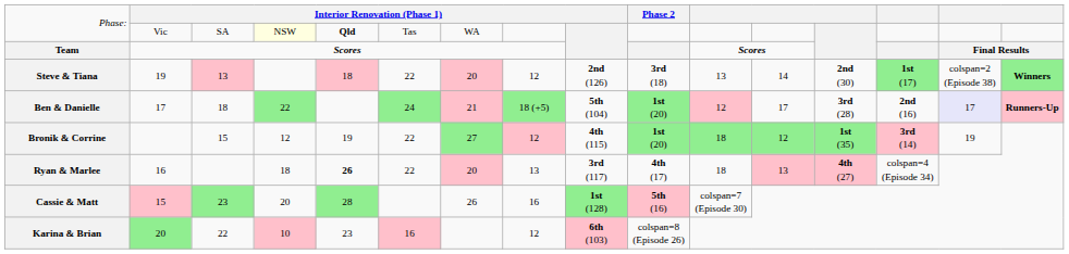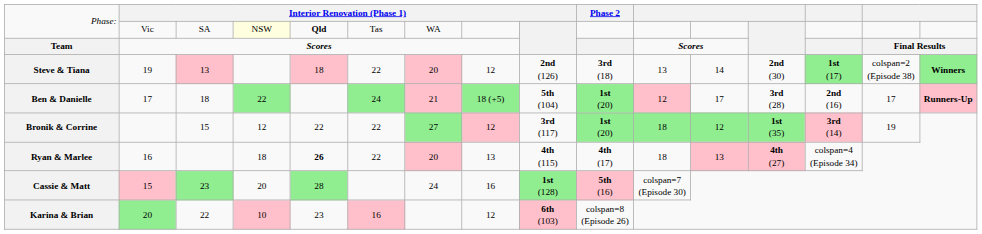 <table class="wikitable" style="text-align: center; font-size: 9pt; line-height:16px; width:100%">
 <tr>
 <td style="width:10%; text-align:right;" rowspan="2"><em>Phase:</em></td>
 <th colspan="8"><a href='#'>Interior Renovation (Phase 1)</a></th>
 <th colspan="1"><a href='#'>Phase 2</a></th>
 <th colspan="3"></th>
 <th colspan="1"></th>
 <th colspan="2"></th>
 </tr>
 <tr>
 <td style="width:5%;">Vic</td>
 <td style="width:5%;">SA</td>
 <td style="background: lightyellow; width:5%;">NSW</td>
 <td style="width:5%;"><strong>Qld</strong></td>
 <td style="width:5%;">Tas</td>
 <td style="width:5%;">WA</td>
 <td style="width:5%;"></td>
 <th rowspan="2" style="width:5%;"></th>
 <td style="width:5%;"></td>
 <td style="width:5%;"></td>
 <td style="width:5%;"></td>
 <th rowspan="2" style="width:5%;"></th>
 <td style="width:5%;"></td>
 <td style="width:5%;"></td>
 <td style="width:5%;"></td>
 </tr>
 <tr>
 <th>Team</th>
 <td colspan="7"><strong><em>Scores</em></strong></td>
 <th colspan="1"></th>
 <td colspan="2"><strong><em>Scores</em></strong></td>
 <th colspan="1"></th>
 <th colspan="2">Final Results</th>
 </tr>
 <tr>
 <th style="font-size: 9pt">Steve & Tiana</th>
 <td>19</td>
 <td style="background:pink">13</td>
 <td></td>
 <td style="background:pink">18</td>
 <td>22</td>
 <td style="background:pink">20</td>
 <td>12</td>
 <td><strong>2nd</strong><br>(126)</td>
 <td><strong>3rd</strong><br>(18)</td>
 <td>13</td>
 <td>14</td>
 <td><strong>2nd</strong><br>(30)</td>
 <td style="background:lightgreen"><strong>1st</strong><br>(17)</td>
 <td>colspan=2 <br>(Episode 38)</td>
 <th style="background:lightgreen">Winners</th>
 </tr>
 <tr>
 <th style="font-size: 9pt">Ben & Danielle</th>
 <td>17</td>
 <td>18</td>
 <td style="background:lightgreen">22</td>
 <td></td>
 <td style="background:lightgreen">24</td>
 <td style="background: pink;">21</td>
 <td style="background:lightgreen">18 (+5)</td>
 <td><strong>5th</strong><br>(104)</td>
 <td style="background:lightgreen"><strong>1st</strong><br>(20)</td>
 <td style="background:pink">12</td>
 <td>17</td>
 <td><strong>3rd</strong><br>(28)</td>
 <td><strong>2nd</strong><br>(16)</td>
-<td style="background: lavender;">17</td>
+<td>17</td>
 <th style="background:pink">Runners-Up</th>
 </tr>
 <tr>
 <th style="font-size: 9pt">Bronik & Corrine</th>
 <td></td>
 <td>15</td>
 <td>12</td>
-<td>19</td>
+<td>22</td>
 <td>22</td>
 <td style="background:lightgreen">27</td>
 <td style="background:pink">12</td>
-<td><strong>4th</strong><br>(115)</td>
+<td><strong>3rd</strong><br>(117)</td>
 <td style="background:lightgreen"><strong>1st</strong><br>(20)</td>
 <td style="background:lightgreen">18</td>
 <td bgcolor="lightgreen">12</td>
 <td bgcolor="lightgreen"><strong>1st</strong><br>(35)</td>
 <td style="background:pink"><strong>3rd</strong><br>(14)</td>
 <td>19</td>
 </tr>
 <tr>
 <th style="font-size: 9pt">Ryan & Marlee</th>
 <td>16</td>
 <td></td>
 <td>18</td>
 <td><strong>26</strong></td>
 <td>22</td>
 <td style="background:pink">20</td>
 <td>13</td>
-<td><strong>3rd</strong><br>(117)</td>
+<td><strong>4th</strong><br>(115)</td>
 <td><strong>4th</strong><br>(17)</td>
 <td>18</td>
 <td bgcolor="pink">13</td>
 <td bgcolor="pink"><strong>4th</strong><br>(27)</td>
 <td>colspan=4 <br>(Episode 34)</td>
 </tr>
 <tr>
 <th style="font-size: 9pt">Cassie & Matt</th>
 <td style="background:pink">15</td>
 <td style="background:lightgreen">23</td>
 <td>20</td>
 <td style="background:lightgreen">28</td>
 <td></td>
-<td>26</td>
+<td>24</td>
 <td>16</td>
 <td style="background:lightgreen"><strong>1st</strong><br>(128)</td>
 <td style="background:pink"><strong>5th</strong><br>(16)</td>
 <td>colspan=7 <br>(Episode 30)</td>
 </tr>
 <tr>
 <th style="font-size: 9pt">Karina & Brian</th>
 <td style="background:lightgreen">20</td>
 <td>22</td>
 <td style="background:pink">10</td>
 <td>23</td>
 <td style="background:pink">16</td>
 <td></td>
 <td>12</td>
 <td style="background:pink"><strong>6th</strong><br>(103)</td>
 <td>colspan=8 <br>(Episode 26)</td>
 </tr>
 </table>
